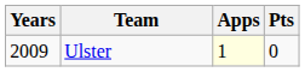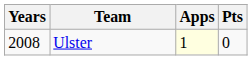 <table class="wikitable" style="text-align:left;">
 <tr>
 <th>Years</th>
 <th width=120px>Team</th>
 <th>Apps</th>
 <th>Pts</th>
 </tr>
 <tr>
-<td>2009</td>
+<td>2008</td>
 <td><a href='#'>Ulster</a></td>
 <td style="background: lightyellow;">1</td>
 <td>0</td>
 </tr>
 </table>
